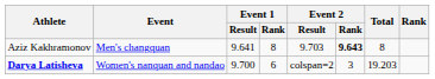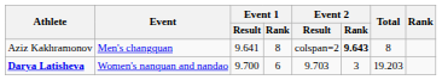 <table class=wikitable style=font-size:90%;text-align:center>
 <tr>
 <th rowspan="2">Athlete</th>
 <th rowspan="2">Event</th>
 <th colspan="2">Event 1</th>
 <th colspan="2">Event 2</th>
 <th rowspan="2">Total</th>
 <th rowspan="2">Rank</th>
 </tr>
 <tr style="font-size:95%">
 <th>Result</th>
 <th>Rank</th>
 <th>Result</th>
 <th>Rank</th>
 </tr>
 <tr>
 <td align=left>Aziz Kakhramonov</td>
 <td align=left><a href='#'>Men's changquan</a></td>
 <td>9.641</td>
 <td>8</td>
-<td>9.703</td>
+<td>colspan=2 </td>
 <td><strong>9.643</strong></td>
 <td>8</td>
 </tr>
 <tr>
 <td align=left><strong><a href='#'>Darya Latisheva</a></strong></td>
 <td align=left><a href='#'>Women's nanquan and nandao</a></td>
 <td>9.700</td>
 <td>6</td>
-<td>colspan=2 </td>
+<td>9.703</td>
 <td>3</td>
 <td>19.203</td>
 <td></td>
 </tr>
 </table>
